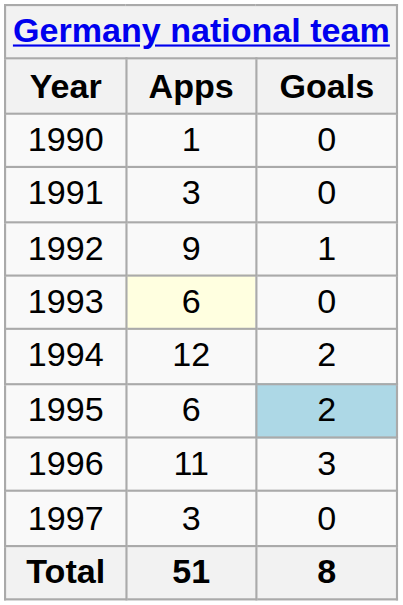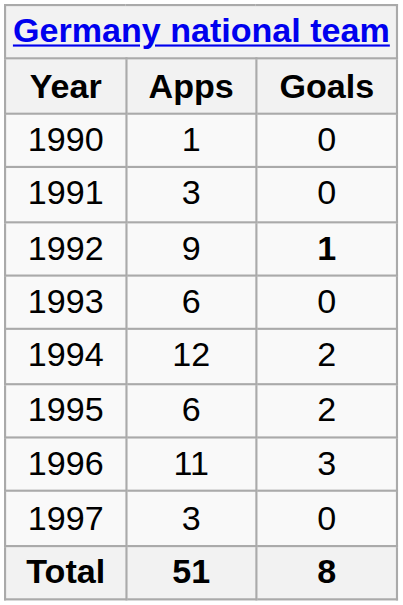 <table class="wikitable" style="text-align:center">
 <tr>
 <th colspan=3><a href='#'>Germany national team</a></th>
 </tr>
 <tr>
 <th>Year</th>
 <th>Apps</th>
 <th>Goals</th>
 </tr>
 <tr>
 <td>1990</td>
 <td>1</td>
 <td>0</td>
 </tr>
 <tr>
 <td>1991</td>
 <td>3</td>
 <td>0</td>
 </tr>
 <tr>
 <td>1992</td>
 <td>9</td>
-<td>1</td>
+<td><strong>1</strong></td>
 </tr>
 <tr>
 <td>1993</td>
-<td style="background: lightyellow;">6</td>
+<td>6</td>
 <td>0</td>
 </tr>
 <tr>
 <td>1994</td>
 <td>12</td>
 <td>2</td>
 </tr>
 <tr>
 <td>1995</td>
 <td>6</td>
-<td style="background: lightblue;">2</td>
+<td>2</td>
 </tr>
 <tr>
 <td>1996</td>
 <td>11</td>
 <td>3</td>
 </tr>
 <tr>
 <td>1997</td>
 <td>3</td>
 <td>0</td>
 </tr>
 <tr>
 <th>Total</th>
 <th>51</th>
 <th>8</th>
 </tr>
 </table>
